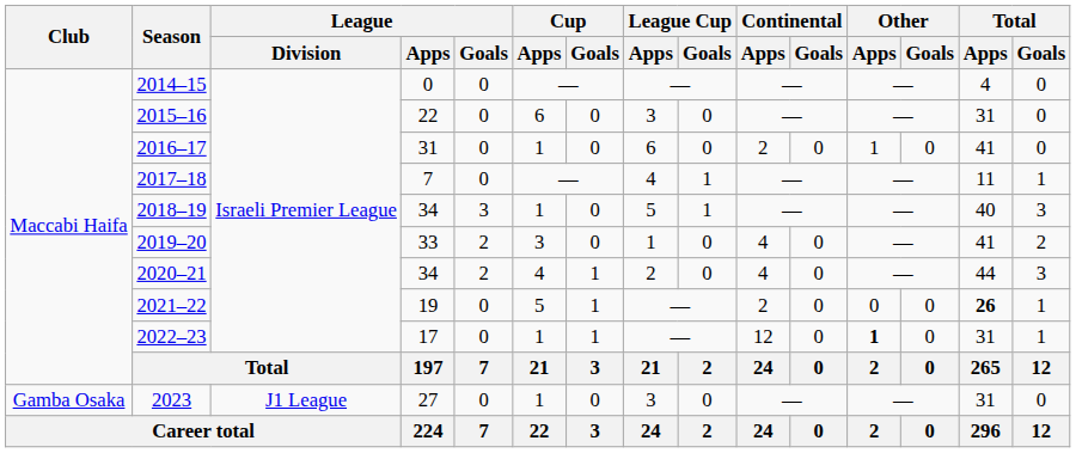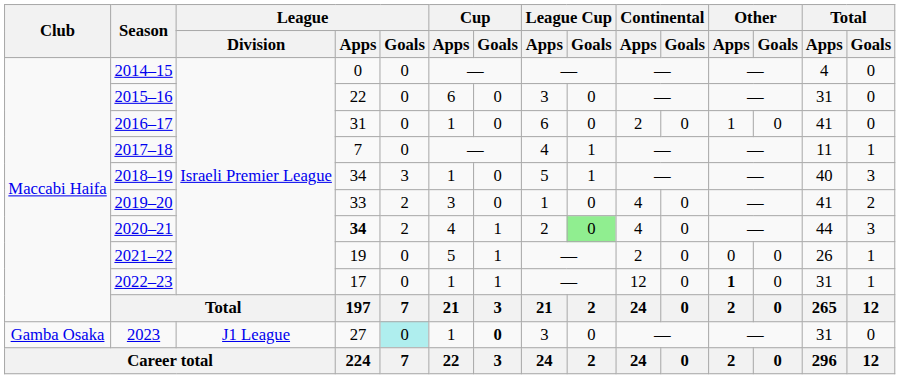 <table class="wikitable" style="text-align: center">
 <tr>
 <th rowspan="2">Club</th>
 <th rowspan="2">Season</th>
 <th colspan="3">League</th>
 <th colspan="2">Cup</th>
 <th colspan="2">League Cup</th>
 <th colspan="2">Continental</th>
 <th colspan="2">Other</th>
 <th colspan="2">Total</th>
 </tr>
 <tr>
 <th>Division</th>
 <th>Apps</th>
 <th>Goals</th>
 <th>Apps</th>
 <th>Goals</th>
 <th>Apps</th>
 <th>Goals</th>
 <th>Apps</th>
 <th>Goals</th>
 <th>Apps</th>
 <th>Goals</th>
 <th>Apps</th>
 <th>Goals</th>
 </tr>
 <tr>
 <td rowspan="10"><a href='#'>Maccabi Haifa</a></td>
 <td><a href='#'>2014–15</a></td>
 <td rowspan="9"><a href='#'>Israeli Premier League</a></td>
 <td>0</td>
 <td>0</td>
 <td colspan="2">—</td>
 <td colspan="2">—</td>
 <td colspan="2">—</td>
 <td colspan="2">—</td>
 <td>4</td>
 <td>0</td>
 </tr>
 <tr>
 <td><a href='#'>2015–16</a></td>
 <td>22</td>
 <td>0</td>
 <td>6</td>
 <td>0</td>
 <td>3</td>
 <td>0</td>
 <td colspan="2">—</td>
 <td colspan="2">—</td>
 <td>31</td>
 <td>0</td>
 </tr>
 <tr>
 <td><a href='#'>2016–17</a></td>
 <td>31</td>
 <td>0</td>
 <td>1</td>
 <td>0</td>
 <td>6</td>
 <td>0</td>
 <td>2</td>
 <td>0</td>
 <td>1</td>
 <td>0</td>
 <td>41</td>
 <td>0</td>
 </tr>
 <tr>
 <td><a href='#'>2017–18</a></td>
 <td>7</td>
 <td>0</td>
 <td colspan="2">—</td>
 <td>4</td>
 <td>1</td>
 <td colspan="2">—</td>
 <td colspan="2">—</td>
 <td>11</td>
 <td>1</td>
 </tr>
 <tr>
 <td><a href='#'>2018–19</a></td>
 <td>34</td>
 <td>3</td>
 <td>1</td>
 <td>0</td>
 <td>5</td>
 <td>1</td>
 <td colspan="2">—</td>
 <td colspan="2">—</td>
 <td>40</td>
 <td>3</td>
 </tr>
 <tr>
 <td><a href='#'>2019–20</a></td>
 <td>33</td>
 <td>2</td>
 <td>3</td>
 <td>0</td>
 <td>1</td>
 <td>0</td>
 <td>4</td>
 <td>0</td>
 <td colspan="2">—</td>
 <td>41</td>
 <td>2</td>
 </tr>
 <tr>
 <td><a href='#'>2020–21</a></td>
-<td>34</td>
+<td><strong>34</strong></td>
 <td>2</td>
 <td>4</td>
 <td>1</td>
 <td>2</td>
-<td>0</td>
+<td style="background: lightgreen;">0</td>
 <td>4</td>
 <td>0</td>
 <td colspan="2">—</td>
 <td>44</td>
 <td>3</td>
 </tr>
 <tr>
 <td><a href='#'>2021–22</a></td>
 <td>19</td>
 <td>0</td>
 <td>5</td>
 <td>1</td>
 <td colspan="2">—</td>
 <td>2</td>
 <td>0</td>
 <td>0</td>
 <td>0</td>
-<td><strong>26</strong></td>
+<td>26</td>
 <td>1</td>
 </tr>
 <tr>
 <td><a href='#'>2022–23</a></td>
 <td>17</td>
 <td>0</td>
 <td>1</td>
 <td>1</td>
 <td colspan="2">—</td>
 <td>12</td>
 <td>0</td>
 <td><strong>1</strong></td>
 <td>0</td>
 <td>31</td>
 <td>1</td>
 </tr>
 <tr>
 <th colspan="2"><strong>Total</strong></th>
 <th>197</th>
 <th>7</th>
 <th>21</th>
 <th>3</th>
 <th>21</th>
 <th>2</th>
 <th>24</th>
 <th>0</th>
 <th>2</th>
 <th>0</th>
 <th>265</th>
 <th>12</th>
 </tr>
 <tr>
 <td><a href='#'>Gamba Osaka</a></td>
 <td><a href='#'>2023</a></td>
 <td><a href='#'>J1 League</a></td>
 <td>27</td>
-<td>0</td>
+<td style="background: paleturquoise;">0</td>
 <td>1</td>
-<td>0</td>
+<td><strong>0</strong></td>
 <td>3</td>
 <td>0</td>
 <td colspan="2">—</td>
 <td colspan="2">—</td>
 <td>31</td>
 <td>0</td>
 </tr>
 <tr>
 <th colspan="3"><strong>Career total</strong></th>
 <th>224</th>
 <th>7</th>
 <th>22</th>
 <th>3</th>
 <th>24</th>
 <th>2</th>
 <th>24</th>
 <th>0</th>
 <th>2</th>
 <th>0</th>
 <th>296</th>
 <th>12</th>
 </tr>
 </table>
